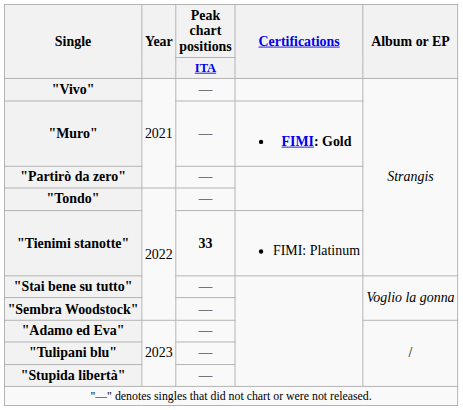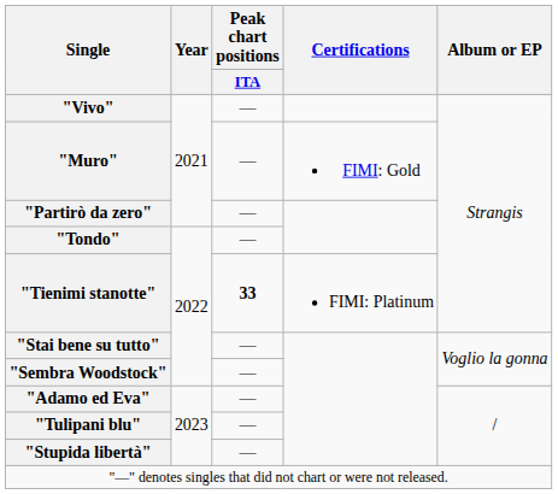 <table class="wikitable plainrowheaders" style="text-align:center;">
 <tr>
 <th rowspan="2" scope="col">Single</th>
 <th rowspan="2" scope="col">Year</th>
 <th>Peak chart positions</th>
 <th rowspan="2"><a href='#'>Certifications</a></th>
 <th rowspan="2">Album or EP</th>
 </tr>
 <tr>
 <th scope="col" style="width:3em;font-size:90%;"><a href='#'>ITA</a><br></th>
 </tr>
 <tr>
 <th scope="row">"Vivo"</th>
 <td rowspan="3">2021</td>
 <td>—</td>
 <td></td>
 <td rowspan="5"><em>Strangis</em></td>
 </tr>
 <tr>
 <th scope="row">"Muro"</th>
 <td>—</td>
-<td><strong><br><ul><li><a href='#'>FIMI</a>: Gold</li></ul></strong></td>
+<td><br><ul><li><a href='#'>FIMI</a>: Gold</li></ul></td>
 </tr>
 <tr>
 <th scope="row">"Partirò da zero"</th>
 <td>—</td>
 <td rowspan="2"></td>
 </tr>
 <tr>
 <th scope="row">"Tondo"</th>
 <td rowspan="4">2022</td>
 <td>—</td>
 </tr>
 <tr>
 <th scope="row">"Tienimi stanotte"</th>
 <td><strong>33</strong></td>
 <td><br><ul><li>FIMI: Platinum</li></ul></td>
 </tr>
 <tr>
 <th scope="row">"Stai bene su tutto"</th>
 <td>—</td>
 <td rowspan="5"></td>
 <td rowspan="2"><em>Voglio la gonna</em></td>
 </tr>
 <tr>
 <th scope="row">"Sembra Woodstock"</th>
 <td>—</td>
 </tr>
 <tr>
 <th scope="row">"Adamo ed Eva"</th>
 <td rowspan="3">2023</td>
 <td>—</td>
 <td rowspan="3">/</td>
 </tr>
 <tr>
 <th scope="row">"Tulipani blu"<br></th>
 <td>—</td>
 </tr>
 <tr>
 <th scope="row">"Stupida libertà"</th>
 <td>—</td>
 </tr>
 <tr>
 <td colspan="5" style="font-size:85%;">"—" denotes singles that did not chart or were not released.</td>
 </tr>
 </table>
